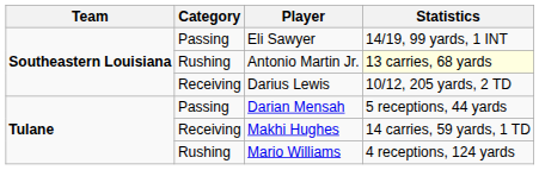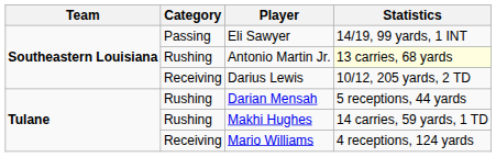 <table class="wikitable" style="float: right;">
 <tr>
 <th>Team</th>
 <th>Category</th>
 <th>Player</th>
 <th>Statistics</th>
 </tr>
 <tr>
 <td rowspan=3><strong>Southeastern Louisiana</strong></td>
 <td>Passing</td>
 <td>Eli Sawyer</td>
 <td>14/19, 99 yards, 1 INT</td>
 </tr>
 <tr>
 <td>Rushing</td>
 <td>Antonio Martin Jr.</td>
 <td style="background: lightyellow;">13 carries, 68 yards</td>
 </tr>
 <tr>
 <td>Receiving</td>
 <td>Darius Lewis</td>
 <td>10/12, 205 yards, 2 TD</td>
 </tr>
 <tr>
 <td rowspan=3><strong>Tulane</strong></td>
-<td>Passing</td>
+<td>Rushing</td>
 <td><a href='#'>Darian Mensah</a></td>
 <td>5 receptions, 44 yards</td>
 </tr>
 <tr>
-<td>Receiving</td>
+<td>Rushing</td>
 <td><a href='#'>Makhi Hughes</a></td>
 <td>14 carries, 59 yards, 1 TD</td>
 </tr>
 <tr>
-<td>Rushing</td>
+<td>Receiving</td>
 <td><a href='#'>Mario Williams</a></td>
 <td>4 receptions, 124 yards</td>
 </tr>
 </table>
